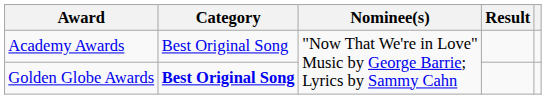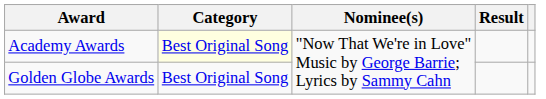 <table class="wikitable plainrowheaders">
 <tr>
 <th>Award</th>
 <th>Category</th>
 <th>Nominee(s)</th>
 <th>Result</th>
 <th></th>
 </tr>
 <tr>
 <td><a href='#'>Academy Awards</a></td>
-<td><a href='#'>Best Original Song</a></td>
+<td style="background: lightyellow;"><a href='#'>Best Original Song</a></td>
 <td rowspan="2">"Now That We're in Love" <br> Music by <a href='#'>George Barrie</a>; <br> Lyrics by <a href='#'>Sammy Cahn</a></td>
 <td></td>
 <td style="text-align:center"></td>
 </tr>
 <tr>
 <td><a href='#'>Golden Globe Awards</a></td>
-<td><strong><a href='#'>Best Original Song</a></strong></td>
+<td><a href='#'>Best Original Song</a></td>
 <td></td>
 <td style="text-align:center;"></td>
 </tr>
 </table>
